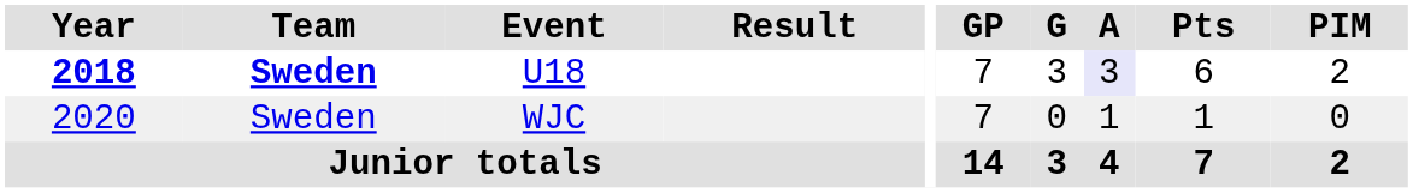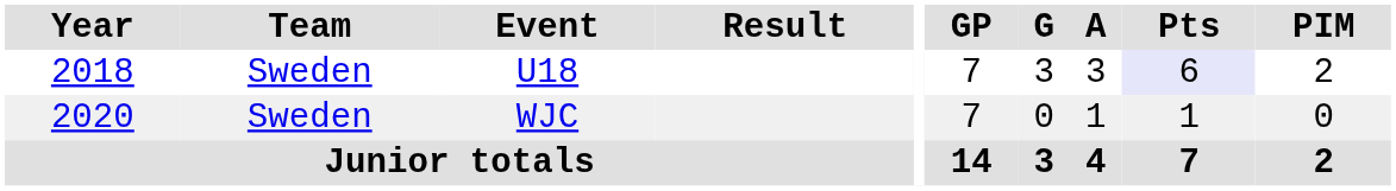 <table border="0" cellpadding="1" cellspacing="0" ID="Table3" style="text-align:center; width:40em">
 <tr ALIGN="center" bgcolor="#e0e0e0">
 <th>Year</th>
 <th>Team</th>
 <th>Event</th>
 <th>Result</th>
 <th rowspan="99" bgcolor="#ffffff"></th>
 <th>GP</th>
 <th>G</th>
 <th>A</th>
 <th>Pts</th>
 <th>PIM</th>
 </tr>
 <tr>
-<td><strong><a href='#'>2018</a></strong></td>
-<td><strong><a href='#'>Sweden</a></strong></td>
+<td><a href='#'>2018</a></td>
+<td><a href='#'>Sweden</a></td>
 <td><a href='#'>U18</a></td>
 <td></td>
 <td>7</td>
 <td>3</td>
-<td style="background: lavender;">3</td>
-<td>6</td>
+<td>3</td>
+<td style="background: lavender;">6</td>
 <td>2</td>
 </tr>
 <tr style="background:#f0f0f0;">
 <td><a href='#'>2020</a></td>
 <td><a href='#'>Sweden</a></td>
 <td><a href='#'>WJC</a></td>
 <td></td>
 <td>7</td>
 <td>0</td>
 <td>1</td>
 <td>1</td>
 <td>0</td>
 </tr>
 <tr bgcolor="#e0e0e0">
 <th colspan="4">Junior totals</th>
 <th>14</th>
 <th>3</th>
 <th>4</th>
 <th>7</th>
 <th>2</th>
 </tr>
 </table>
